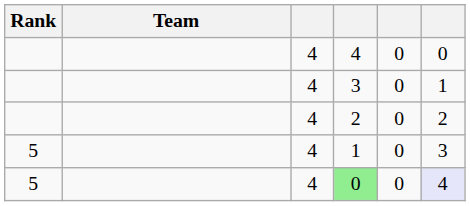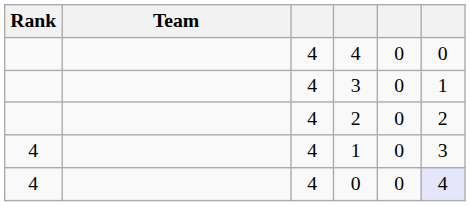 <table class="wikitable" style="text-align:center; font-size:90%;">
 <tr>
 <th width=35>Rank</th>
 <th width=160>Team</th>
 <th width=25></th>
 <th width=25></th>
 <th width=25></th>
 <th width=25></th>
 </tr>
 <tr>
 <td></td>
 <td align=left></td>
 <td>4</td>
 <td>4</td>
 <td>0</td>
 <td>0</td>
 </tr>
 <tr>
 <td></td>
 <td align=left></td>
 <td>4</td>
 <td>3</td>
 <td>0</td>
 <td>1</td>
 </tr>
 <tr>
 <td></td>
 <td align=left></td>
 <td>4</td>
 <td>2</td>
 <td>0</td>
 <td>2</td>
 </tr>
 <tr>
-<td>5</td>
+<td>4</td>
 <td align=left></td>
 <td>4</td>
 <td>1</td>
 <td>0</td>
 <td>3</td>
 </tr>
 <tr>
-<td>5</td>
+<td>4</td>
 <td align=left></td>
 <td>4</td>
-<td style="background: lightgreen;">0</td>
+<td>0</td>
 <td>0</td>
 <td style="background: lavender;">4</td>
 </tr>
 </table>
